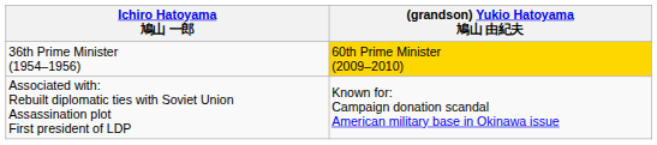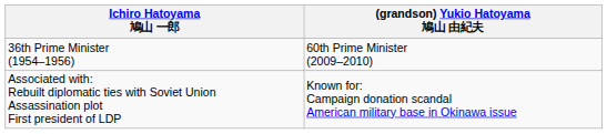 <table class="wikitable" style="margin-left: auto; margin-right: auto; border: none;">
 <tr>
 <th scope="col" style="width: 300pt;"><a href='#'>Ichiro Hatoyama</a><br>鳩山 一郎<br></th>
 <th scope="col" style="width: 300pt;">(grandson) <a href='#'>Yukio Hatoyama</a><br>鳩山 由紀夫<br></th>
 </tr>
 <tr>
 <td>36th Prime Minister<br>(1954–1956)</td>
-<td style="background: gold;">60th Prime Minister<br>(2009–2010)</td>
+<td>60th Prime Minister<br>(2009–2010)</td>
 </tr>
 <tr>
 <td>Associated with:<br>Rebuilt diplomatic ties with Soviet Union<br>Assassination plot<br>First president of LDP</td>
 <td>Known for:<br>Campaign donation scandal<br><a href='#'>American military base in Okinawa issue</a></td>
 </tr>
 </table>
